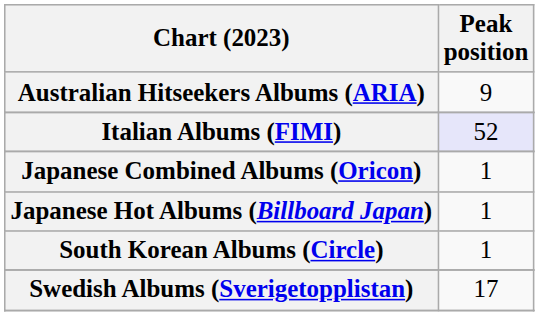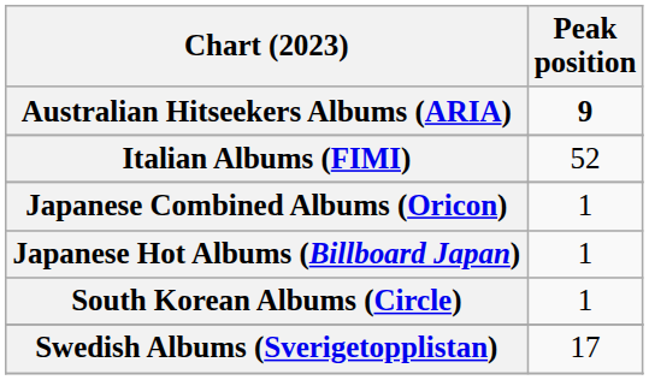 <table class="wikitable sortable plainrowheaders" style="text-align:center">
 <tr>
 <th scope="col">Chart (2023)</th>
 <th scope="col">Peak<br>position</th>
 </tr>
 <tr>
 <th scope="row">Australian Hitseekers Albums (<a href='#'>ARIA</a>)</th>
-<td>9</td>
+<td><strong>9</strong></td>
 </tr>
 <tr>
 </tr>
 <tr>
 </tr>
 <tr>
 </tr>
 <tr>
 </tr>
 <tr>
 </tr>
 <tr>
 </tr>
 <tr>
 </tr>
 <tr>
 </tr>
 <tr>
 </tr>
 <tr>
 <th scope="row">Italian Albums (<a href='#'>FIMI</a>)</th>
-<td style="background: lavender;">52</td>
+<td>52</td>
 </tr>
 <tr>
 </tr>
 <tr>
 <th scope="row">Japanese Combined Albums (<a href='#'>Oricon</a>)</th>
 <td>1</td>
 </tr>
 <tr>
 <th scope="row">Japanese Hot Albums (<em><a href='#'>Billboard Japan</a></em>)</th>
 <td>1</td>
 </tr>
 <tr>
 <th scope="row">South Korean Albums (<a href='#'>Circle</a>)</th>
 <td>1</td>
 </tr>
 <tr>
 </tr>
 <tr>
 <th scope="row">Swedish Albums (<a href='#'>Sverigetopplistan</a>)</th>
 <td>17</td>
 </tr>
 <tr>
 </tr>
 <tr>
 </tr>
 <tr>
 </tr>
 </table>
